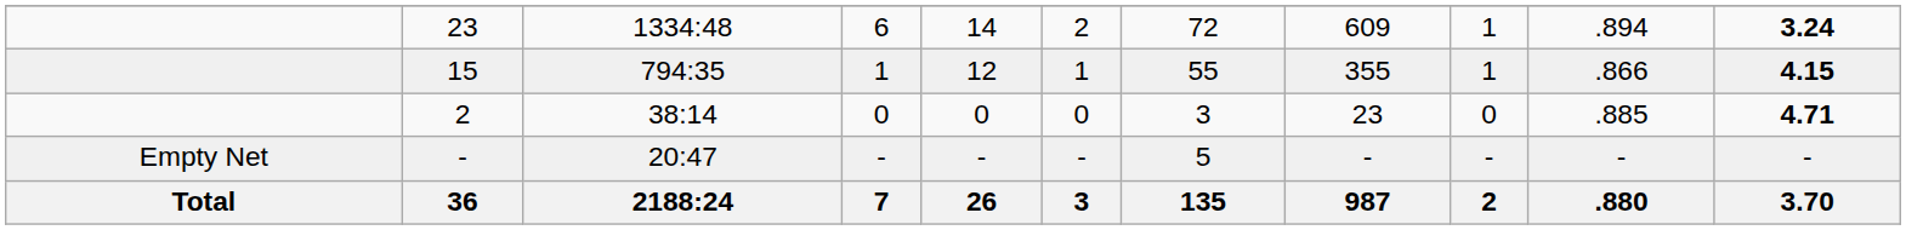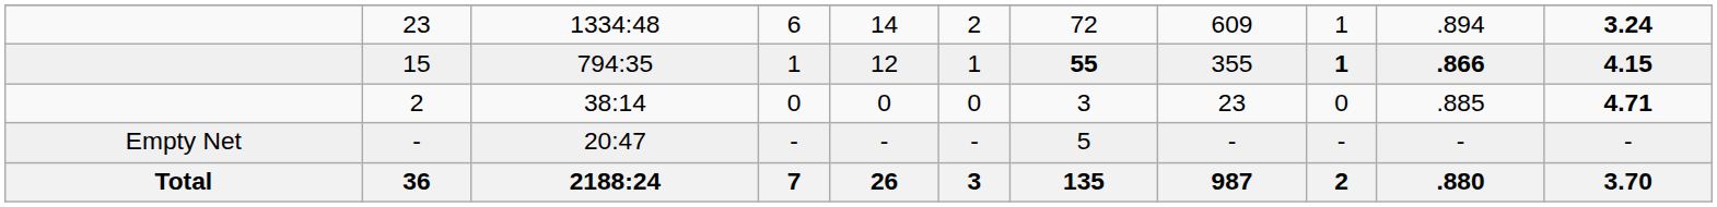 <table class="wikitable sortable" width ="1100">
 <tr align="center">
 </tr>
 <tr align="center" bgcolor="">
 <td></td>
 <td>23</td>
 <td>1334:48</td>
 <td>6</td>
 <td>14</td>
 <td>2</td>
 <td>72</td>
 <td>609</td>
 <td>1</td>
 <td>.894</td>
 <td><strong>3.24</strong></td>
 </tr>
 <tr align="center" bgcolor="f0f0f0">
 <td></td>
 <td>15</td>
 <td>794:35</td>
 <td>1</td>
 <td>12</td>
 <td>1</td>
-<td>55</td>
+<td><strong>55</strong></td>
 <td>355</td>
-<td>1</td>
-<td>.866</td>
+<td><strong>1</strong></td>
+<td><strong>.866</strong></td>
 <td><strong>4.15</strong></td>
 </tr>
 <tr align="center" bgcolor="">
 <td></td>
 <td>2</td>
 <td>38:14</td>
 <td>0</td>
 <td>0</td>
 <td>0</td>
 <td>3</td>
 <td>23</td>
 <td>0</td>
 <td>.885</td>
 <td><strong>4.71</strong></td>
 </tr>
 <tr align="center" bgcolor="f0f0f0">
 <td>Empty Net</td>
 <td>-</td>
 <td>20:47</td>
 <td>-</td>
 <td>-</td>
 <td>-</td>
 <td>5</td>
 <td>-</td>
 <td>-</td>
 <td>-</td>
 <td>-</td>
 </tr>
 <tr>
 <th>Total</th>
 <th>36</th>
 <th>2188:24</th>
 <th>7</th>
 <th>26</th>
 <th>3</th>
 <th>135</th>
 <th>987</th>
 <th>2</th>
 <th>.880</th>
 <th>3.70</th>
 </tr>
 </table>
